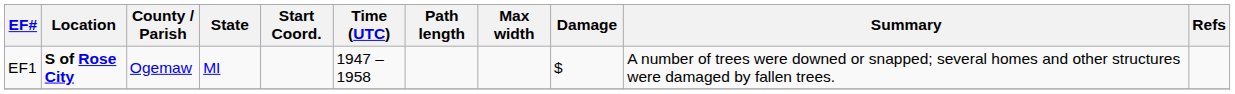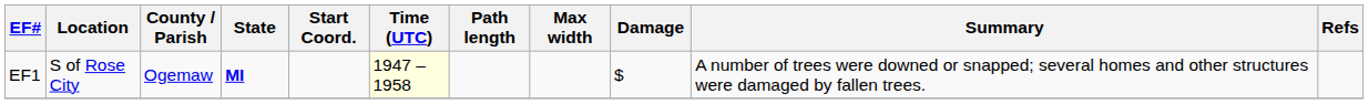 <table class="wikitable sortable" style="width:100%;">
 <tr>
 <th scope="col" width="3%" align="center"><a href='#'>EF#</a></th>
 <th scope="col" width="7%" align="center" class="unsortable">Location</th>
 <th scope="col" width="6%" align="center" class="unsortable">County / Parish</th>
 <th scope="col" width="5%" align="center">State</th>
 <th scope="col" width="6%" align="center">Start Coord.</th>
 <th scope="col" width="6%" align="center">Time (<a href='#'>UTC</a>)</th>
 <th scope="col" width="6%" align="center">Path length</th>
 <th scope="col" width="6%" align="center">Max width</th>
 <th scope="col" width="6%" align="center">Damage</th>
 <th scope="col" width="48%" class="unsortable" align="center">Summary</th>
 <th scope="col" width="48%" class="unsortable" align="center">Refs</th>
 </tr>
 <tr>
 <td>EF1</td>
-<td><strong>S of <a href='#'>Rose City</a></strong></td>
+<td>S of <a href='#'>Rose City</a></td>
 <td><a href='#'>Ogemaw</a></td>
-<td><a href='#'>MI</a></td>
+<td><strong><a href='#'>MI</a></strong></td>
 <td></td>
-<td>1947 – 1958</td>
+<td style="background: lightyellow;">1947 – 1958</td>
 <td></td>
 <td></td>
 <td>$</td>
 <td>A number of trees were downed or snapped; several homes and other structures were damaged by fallen trees.</td>
 <td></td>
 </tr>
 <tr>
 </tr>
 </table>
